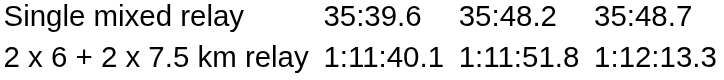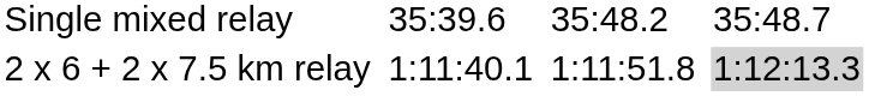 <table>
 <tr>
 <td>Single mixed relay<br><em></em></td>
 <td></td>
 <td>35:39.6</td>
 <td></td>
 <td>35:48.2</td>
 <td></td>
 <td>35:48.7</td>
 </tr>
 <tr>
 <td>2 x 6 + 2 x 7.5 km relay<br><em></em></td>
 <td></td>
 <td>1:11:40.1</td>
 <td></td>
 <td>1:11:51.8</td>
 <td></td>
-<td>1:12:13.3</td>
+<td style="background: lightgrey;">1:12:13.3</td>
 </tr>
 </table>
